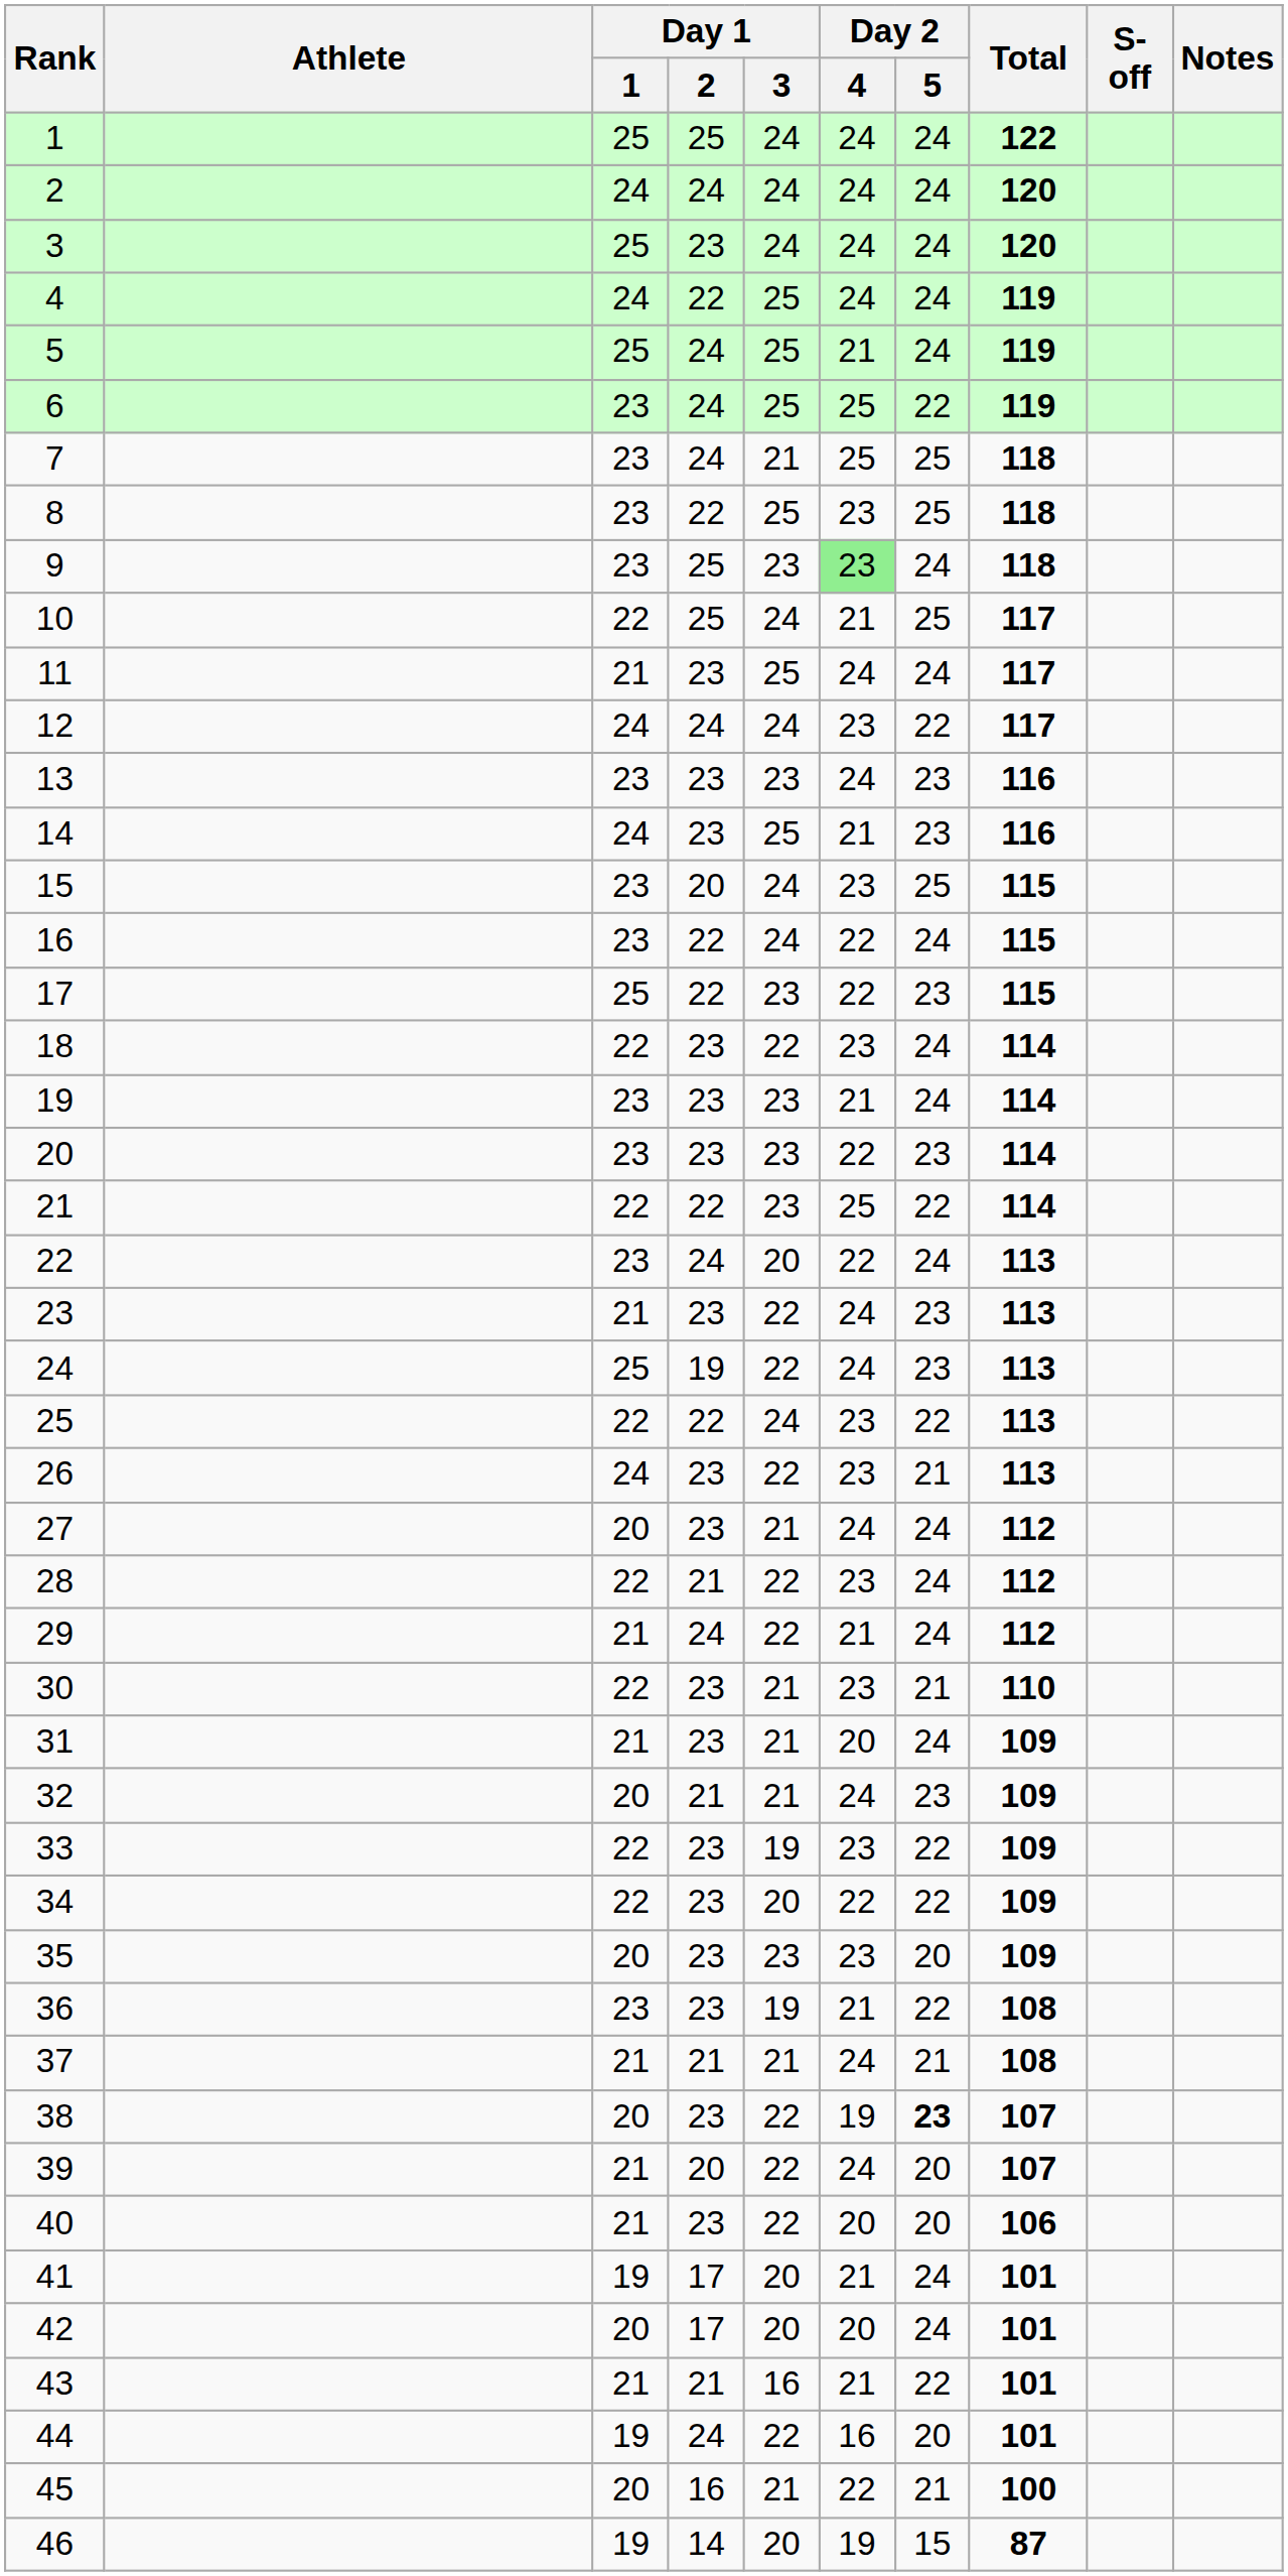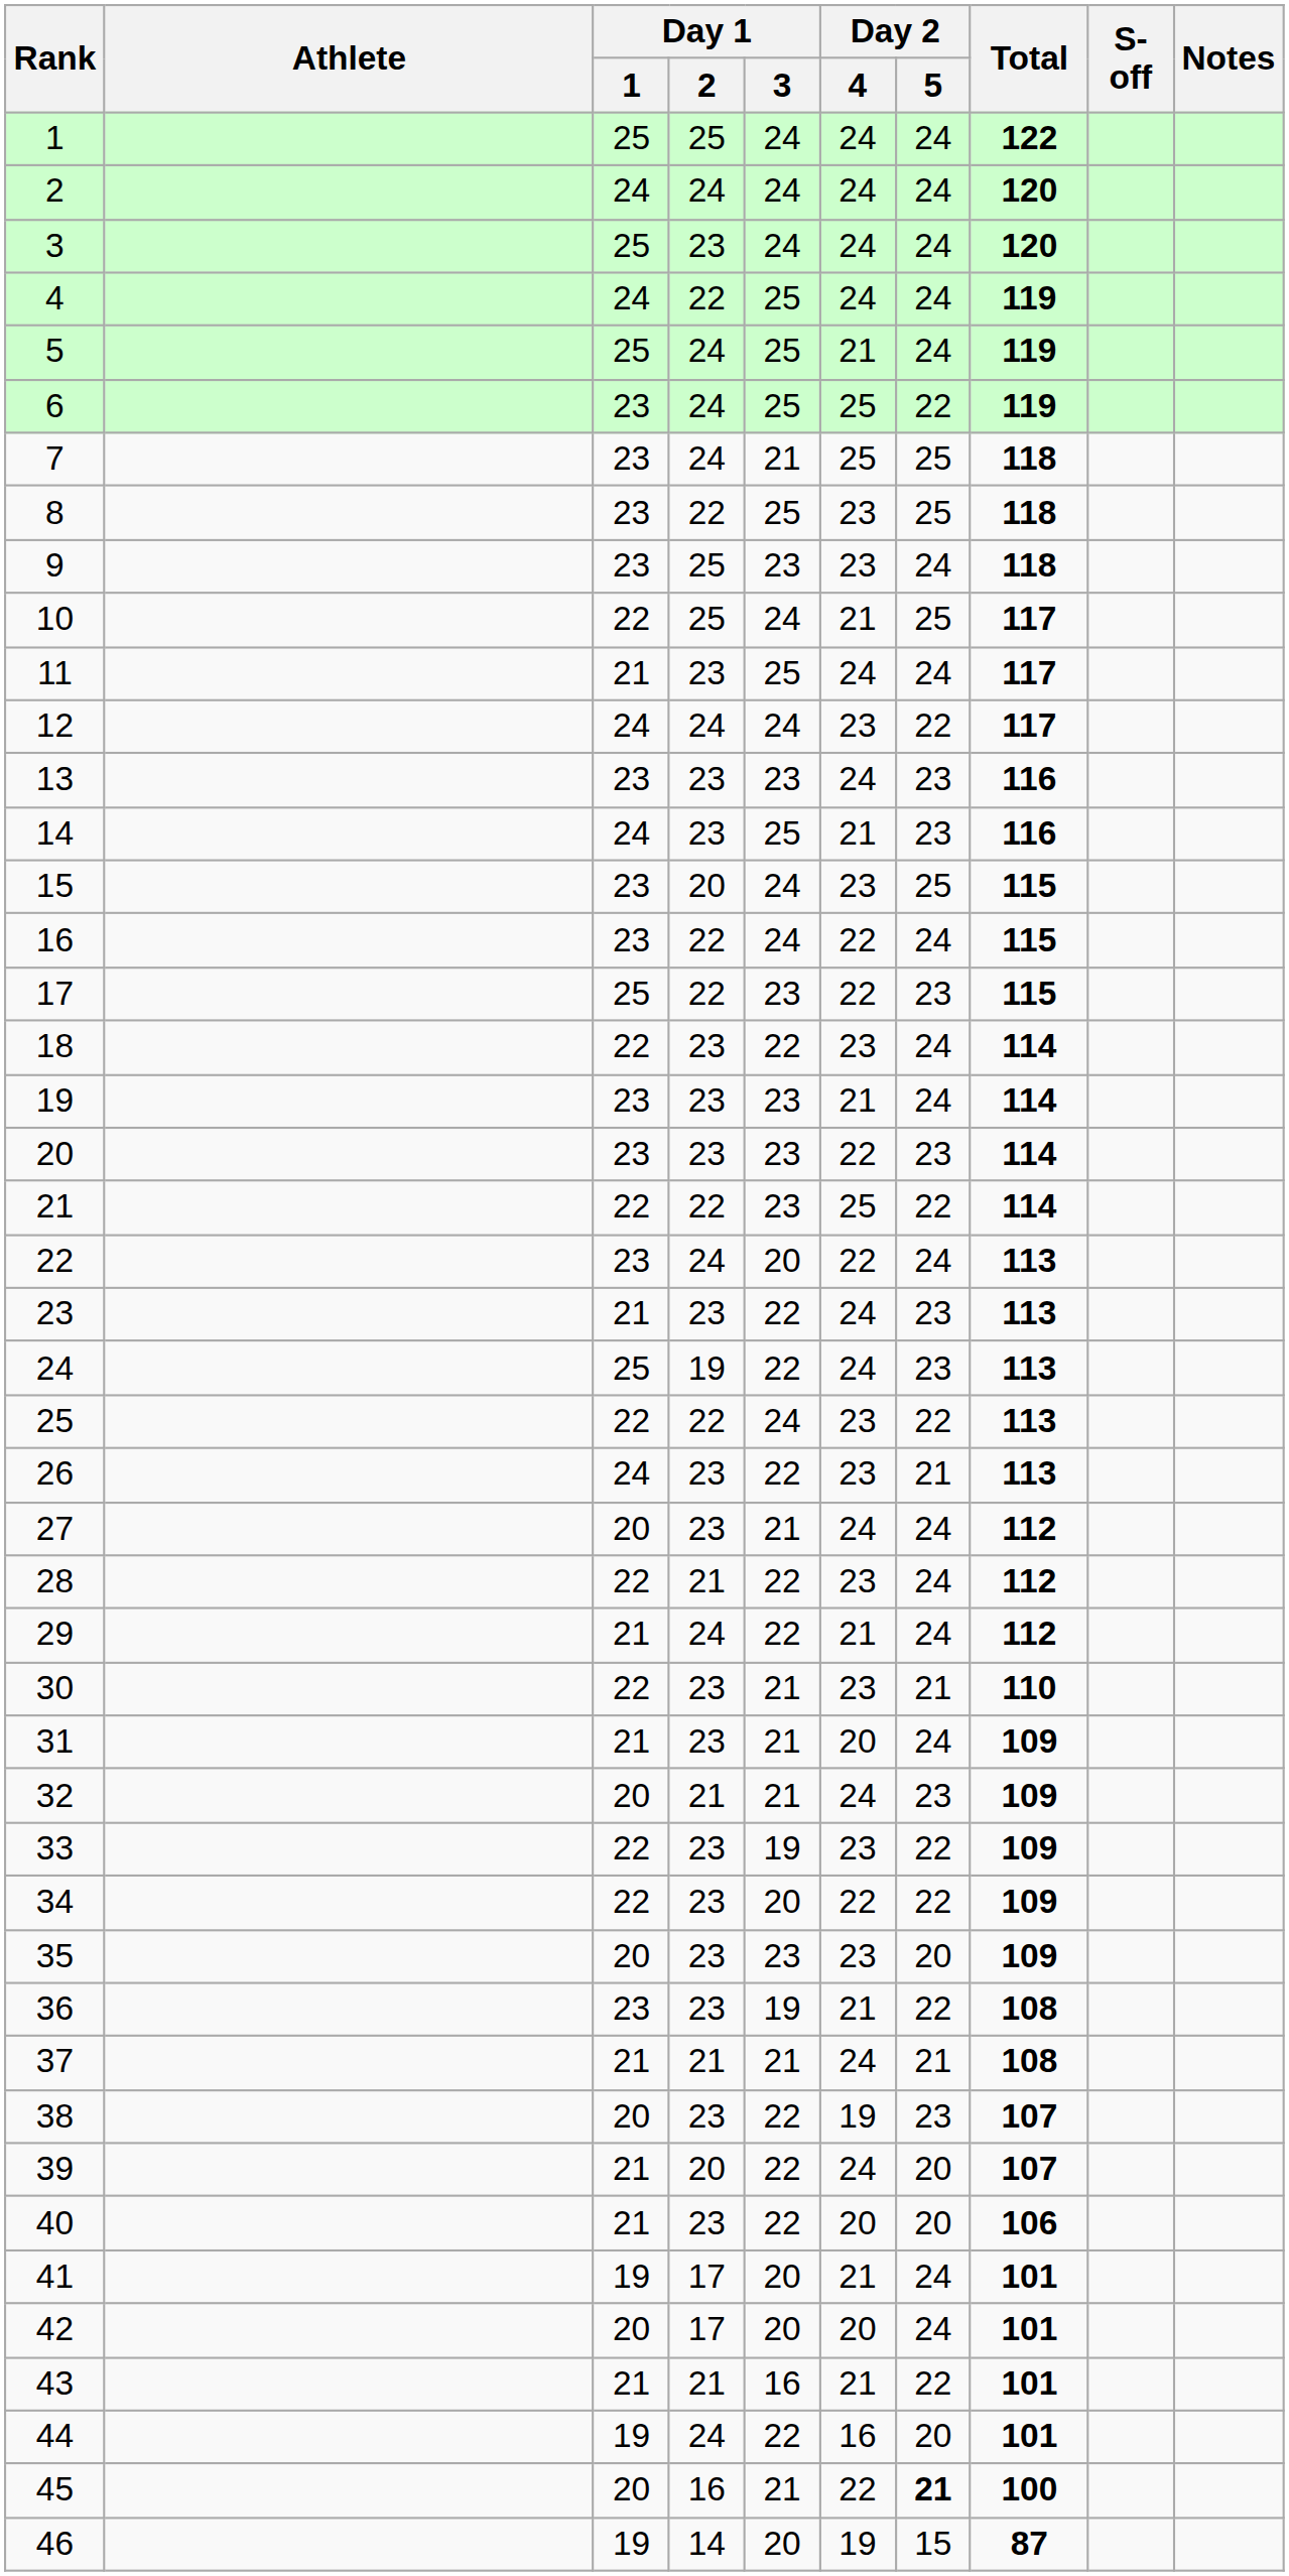 <table class="wikitable" style="text-align:center">
 <tr>
 <th rowspan=2 width=40>Rank</th>
 <th rowspan=2 width=250>Athlete</th>
 <th colspan=3>Day 1</th>
 <th colspan=2>Day 2</th>
 <th rowspan=2 width=50>Total</th>
 <th rowspan=2 width=35>S-off</th>
 <th rowspan=2 width=45>Notes</th>
 </tr>
 <tr>
 <th width=30>1</th>
 <th width=30>2</th>
 <th width=30>3</th>
 <th width=30>4</th>
 <th width=30>5</th>
 </tr>
 <tr bgcolor=ccffcc>
 <td>1</td>
 <td align=left></td>
 <td>25</td>
 <td>25</td>
 <td>24</td>
 <td>24</td>
 <td>24</td>
 <td><strong>122</strong></td>
 <td></td>
 <td></td>
 </tr>
 <tr bgcolor=ccffcc>
 <td>2</td>
 <td align=left></td>
 <td>24</td>
 <td>24</td>
 <td>24</td>
 <td>24</td>
 <td>24</td>
 <td><strong>120</strong></td>
 <td></td>
 <td></td>
 </tr>
 <tr bgcolor=ccffcc>
 <td>3</td>
 <td align=left></td>
 <td>25</td>
 <td>23</td>
 <td>24</td>
 <td>24</td>
 <td>24</td>
 <td><strong>120</strong></td>
 <td></td>
 <td></td>
 </tr>
 <tr bgcolor=ccffcc>
 <td>4</td>
 <td align=left></td>
 <td>24</td>
 <td>22</td>
 <td>25</td>
 <td>24</td>
 <td>24</td>
 <td><strong>119</strong></td>
 <td></td>
 <td></td>
 </tr>
 <tr bgcolor=ccffcc>
 <td>5</td>
 <td align=left></td>
 <td>25</td>
 <td>24</td>
 <td>25</td>
 <td>21</td>
 <td>24</td>
 <td><strong>119</strong></td>
 <td></td>
 <td></td>
 </tr>
 <tr bgcolor=ccffcc>
 <td>6</td>
 <td align=left></td>
 <td>23</td>
 <td>24</td>
 <td>25</td>
 <td>25</td>
 <td>22</td>
 <td><strong>119</strong></td>
 <td></td>
 <td></td>
 </tr>
 <tr>
 <td>7</td>
 <td align=left></td>
 <td>23</td>
 <td>24</td>
 <td>21</td>
 <td>25</td>
 <td>25</td>
 <td><strong>118</strong></td>
 <td></td>
 <td></td>
 </tr>
 <tr>
 <td>8</td>
 <td align=left></td>
 <td>23</td>
 <td>22</td>
 <td>25</td>
 <td>23</td>
 <td>25</td>
 <td><strong>118</strong></td>
 <td></td>
 <td></td>
 </tr>
 <tr>
 <td>9</td>
 <td align=left></td>
 <td>23</td>
 <td>25</td>
 <td>23</td>
-<td style="background: lightgreen;">23</td>
+<td>23</td>
 <td>24</td>
 <td><strong>118</strong></td>
 <td></td>
 <td></td>
 </tr>
 <tr>
 <td>10</td>
 <td align=left></td>
 <td>22</td>
 <td>25</td>
 <td>24</td>
 <td>21</td>
 <td>25</td>
 <td><strong>117</strong></td>
 <td></td>
 <td></td>
 </tr>
 <tr>
 <td>11</td>
 <td align=left></td>
 <td>21</td>
 <td>23</td>
 <td>25</td>
 <td>24</td>
 <td>24</td>
 <td><strong>117</strong></td>
 <td></td>
 <td></td>
 </tr>
 <tr>
 <td>12</td>
 <td align=left></td>
 <td>24</td>
 <td>24</td>
 <td>24</td>
 <td>23</td>
 <td>22</td>
 <td><strong>117</strong></td>
 <td></td>
 <td></td>
 </tr>
 <tr>
 <td>13</td>
 <td align=left></td>
 <td>23</td>
 <td>23</td>
 <td>23</td>
 <td>24</td>
 <td>23</td>
 <td><strong>116</strong></td>
 <td></td>
 <td></td>
 </tr>
 <tr>
 <td>14</td>
 <td align=left></td>
 <td>24</td>
 <td>23</td>
 <td>25</td>
 <td>21</td>
 <td>23</td>
 <td><strong>116</strong></td>
 <td></td>
 <td></td>
 </tr>
 <tr>
 <td>15</td>
 <td align=left></td>
 <td>23</td>
 <td>20</td>
 <td>24</td>
 <td>23</td>
 <td>25</td>
 <td><strong>115</strong></td>
 <td></td>
 <td></td>
 </tr>
 <tr>
 <td>16</td>
 <td align=left></td>
 <td>23</td>
 <td>22</td>
 <td>24</td>
 <td>22</td>
 <td>24</td>
 <td><strong>115</strong></td>
 <td></td>
 <td></td>
 </tr>
 <tr>
 <td>17</td>
 <td align=left></td>
 <td>25</td>
 <td>22</td>
 <td>23</td>
 <td>22</td>
 <td>23</td>
 <td><strong>115</strong></td>
 <td></td>
 <td></td>
 </tr>
 <tr>
 <td>18</td>
 <td align=left></td>
 <td>22</td>
 <td>23</td>
 <td>22</td>
 <td>23</td>
 <td>24</td>
 <td><strong>114</strong></td>
 <td></td>
 <td></td>
 </tr>
 <tr>
 <td>19</td>
 <td align=left></td>
 <td>23</td>
 <td>23</td>
 <td>23</td>
 <td>21</td>
 <td>24</td>
 <td><strong>114</strong></td>
 <td></td>
 <td></td>
 </tr>
 <tr>
 <td>20</td>
 <td align=left></td>
 <td>23</td>
 <td>23</td>
 <td>23</td>
 <td>22</td>
 <td>23</td>
 <td><strong>114</strong></td>
 <td></td>
 <td></td>
 </tr>
 <tr>
 <td>21</td>
 <td align=left></td>
 <td>22</td>
 <td>22</td>
 <td>23</td>
 <td>25</td>
 <td>22</td>
 <td><strong>114</strong></td>
 <td></td>
 <td></td>
 </tr>
 <tr>
 <td>22</td>
 <td align=left></td>
 <td>23</td>
 <td>24</td>
 <td>20</td>
 <td>22</td>
 <td>24</td>
 <td><strong>113</strong></td>
 <td></td>
 <td></td>
 </tr>
 <tr>
 <td>23</td>
 <td align=left></td>
 <td>21</td>
 <td>23</td>
 <td>22</td>
 <td>24</td>
 <td>23</td>
 <td><strong>113</strong></td>
 <td></td>
 <td></td>
 </tr>
 <tr>
 <td>24</td>
 <td align=left></td>
 <td>25</td>
 <td>19</td>
 <td>22</td>
 <td>24</td>
 <td>23</td>
 <td><strong>113</strong></td>
 <td></td>
 <td></td>
 </tr>
 <tr>
 <td>25</td>
 <td align=left></td>
 <td>22</td>
 <td>22</td>
 <td>24</td>
 <td>23</td>
 <td>22</td>
 <td><strong>113</strong></td>
 <td></td>
 <td></td>
 </tr>
 <tr>
 <td>26</td>
 <td align=left></td>
 <td>24</td>
 <td>23</td>
 <td>22</td>
 <td>23</td>
 <td>21</td>
 <td><strong>113</strong></td>
 <td></td>
 <td></td>
 </tr>
 <tr>
 <td>27</td>
 <td align=left></td>
 <td>20</td>
 <td>23</td>
 <td>21</td>
 <td>24</td>
 <td>24</td>
 <td><strong>112</strong></td>
 <td></td>
 <td></td>
 </tr>
 <tr>
 <td>28</td>
 <td align=left></td>
 <td>22</td>
 <td>21</td>
 <td>22</td>
 <td>23</td>
 <td>24</td>
 <td><strong>112</strong></td>
 <td></td>
 <td></td>
 </tr>
 <tr>
 <td>29</td>
 <td align=left></td>
 <td>21</td>
 <td>24</td>
 <td>22</td>
 <td>21</td>
 <td>24</td>
 <td><strong>112</strong></td>
 <td></td>
 <td></td>
 </tr>
 <tr>
 <td>30</td>
 <td align=left></td>
 <td>22</td>
 <td>23</td>
 <td>21</td>
 <td>23</td>
 <td>21</td>
 <td><strong>110</strong></td>
 <td></td>
 <td></td>
 </tr>
 <tr>
 <td>31</td>
 <td align=left></td>
 <td>21</td>
 <td>23</td>
 <td>21</td>
 <td>20</td>
 <td>24</td>
 <td><strong>109</strong></td>
 <td></td>
 <td></td>
 </tr>
 <tr>
 <td>32</td>
 <td align=left></td>
 <td>20</td>
 <td>21</td>
 <td>21</td>
 <td>24</td>
 <td>23</td>
 <td><strong>109</strong></td>
 <td></td>
 <td></td>
 </tr>
 <tr>
 <td>33</td>
 <td align=left></td>
 <td>22</td>
 <td>23</td>
 <td>19</td>
 <td>23</td>
 <td>22</td>
 <td><strong>109</strong></td>
 <td></td>
 <td></td>
 </tr>
 <tr>
 <td>34</td>
 <td align=left></td>
 <td>22</td>
 <td>23</td>
 <td>20</td>
 <td>22</td>
 <td>22</td>
 <td><strong>109</strong></td>
 <td></td>
 <td></td>
 </tr>
 <tr>
 <td>35</td>
 <td align=left></td>
 <td>20</td>
 <td>23</td>
 <td>23</td>
 <td>23</td>
 <td>20</td>
 <td><strong>109</strong></td>
 <td></td>
 <td></td>
 </tr>
 <tr>
 <td>36</td>
 <td align=left></td>
 <td>23</td>
 <td>23</td>
 <td>19</td>
 <td>21</td>
 <td>22</td>
 <td><strong>108</strong></td>
 <td></td>
 <td></td>
 </tr>
 <tr>
 <td>37</td>
 <td align=left></td>
 <td>21</td>
 <td>21</td>
 <td>21</td>
 <td>24</td>
 <td>21</td>
 <td><strong>108</strong></td>
 <td></td>
 <td></td>
 </tr>
 <tr>
 <td>38</td>
 <td align=left></td>
 <td>20</td>
 <td>23</td>
 <td>22</td>
 <td>19</td>
-<td><strong>23</strong></td>
+<td>23</td>
 <td><strong>107</strong></td>
 <td></td>
 <td></td>
 </tr>
 <tr>
 <td>39</td>
 <td align=left></td>
 <td>21</td>
 <td>20</td>
 <td>22</td>
 <td>24</td>
 <td>20</td>
 <td><strong>107</strong></td>
 <td></td>
 <td></td>
 </tr>
 <tr>
 <td>40</td>
 <td align=left></td>
 <td>21</td>
 <td>23</td>
 <td>22</td>
 <td>20</td>
 <td>20</td>
 <td><strong>106</strong></td>
 <td></td>
 <td></td>
 </tr>
 <tr>
 <td>41</td>
 <td align=left></td>
 <td>19</td>
 <td>17</td>
 <td>20</td>
 <td>21</td>
 <td>24</td>
 <td><strong>101</strong></td>
 <td></td>
 <td></td>
 </tr>
 <tr>
 <td>42</td>
 <td align=left></td>
 <td>20</td>
 <td>17</td>
 <td>20</td>
 <td>20</td>
 <td>24</td>
 <td><strong>101</strong></td>
 <td></td>
 <td></td>
 </tr>
 <tr>
 <td>43</td>
 <td align=left></td>
 <td>21</td>
 <td>21</td>
 <td>16</td>
 <td>21</td>
 <td>22</td>
 <td><strong>101</strong></td>
 <td></td>
 <td></td>
 </tr>
 <tr>
 <td>44</td>
 <td align=left></td>
 <td>19</td>
 <td>24</td>
 <td>22</td>
 <td>16</td>
 <td>20</td>
 <td><strong>101</strong></td>
 <td></td>
 <td></td>
 </tr>
 <tr>
 <td>45</td>
 <td align=left></td>
 <td>20</td>
 <td>16</td>
 <td>21</td>
 <td>22</td>
-<td>21</td>
+<td><strong>21</strong></td>
 <td><strong>100</strong></td>
 <td></td>
 <td></td>
 </tr>
 <tr>
 <td>46</td>
 <td align=left></td>
 <td>19</td>
 <td>14</td>
 <td>20</td>
 <td>19</td>
 <td>15</td>
 <td><strong>87</strong></td>
 <td></td>
 <td></td>
 </tr>
 </table>
